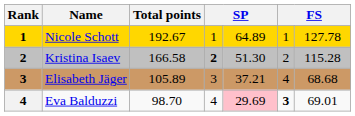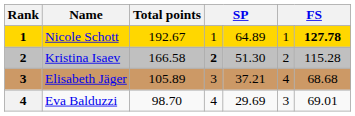 <table class="wikitable sortable">
 <tr>
 <th>Rank</th>
 <th>Name</th>
 <th>Total points</th>
 <th colspan="2" width="80px"><a href='#'>SP</a></th>
 <th colspan="2" width="80px"><a href='#'>FS</a></th>
 </tr>
 <tr bgcolor="gold">
 <td align="center"><strong>1</strong></td>
 <td><a href='#'>Nicole Schott</a></td>
 <td align="center">192.67</td>
 <td align="center">1</td>
 <td align="center">64.89</td>
 <td align="center">1</td>
-<td align="center">127.78</td>
+<td align="center"><strong>127.78</strong></td>
 </tr>
 <tr bgcolor="silver">
 <td align="center"><strong>2</strong></td>
 <td><a href='#'>Kristina Isaev</a></td>
 <td align="center">166.58</td>
 <td align="center"><strong>2</strong></td>
 <td align="center">51.30</td>
 <td align="center">2</td>
 <td align="center">115.28</td>
 </tr>
 <tr bgcolor="cc9966">
 <td align="center"><strong>3</strong></td>
 <td><a href='#'>Elisabeth Jäger</a></td>
 <td align="center">105.89</td>
 <td align="center">3</td>
 <td align="center">37.21</td>
 <td align="center">4</td>
 <td align="center">68.68</td>
 </tr>
 <tr>
 <th>4</th>
 <td><a href='#'>Eva Balduzzi</a></td>
 <td align="center">98.70</td>
 <td align="center">4</td>
-<td align="center" style="background: pink;">29.69</td>
-<td align="center"><strong>3</strong></td>
+<td align="center">29.69</td>
+<td align="center">3</td>
 <td align="center">69.01</td>
 </tr>
 </table>
